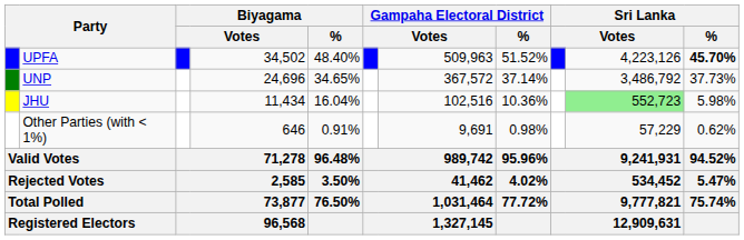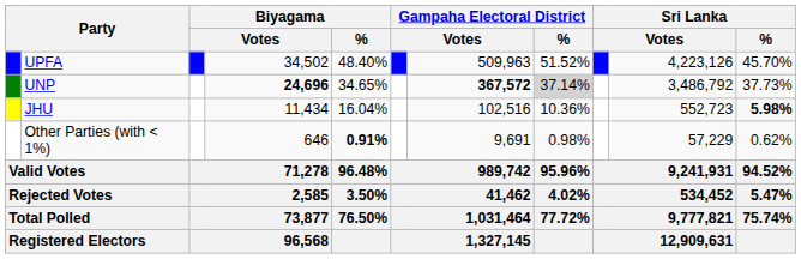 <table class="wikitable">
 <tr>
 <th colspan="2" width="144px"rowspan="2">Party</th>
 <th colspan="3" width="216px">Biyagama</th>
 <th colspan="3" width="216px"><a href='#'>Gampaha Electoral District</a></th>
 <th colspan="3" width="216px">Sri Lanka</th>
 </tr>
 <tr>
 <th colspan="2" width="144px">Votes</th>
 <th>%</th>
 <th colspan="2" width="144px">Votes</th>
 <th>%</th>
 <th colspan="2" width="144px">Votes</th>
 <th>%</th>
 </tr>
 <tr>
 <td style="background-color:blue;" width="10px"></td>
 <td style="text-align:left;"><a href='#'>UPFA</a></td>
 <td style="background-color:blue;" width="10px"></td>
 <td style="text-align:right;">34,502</td>
 <td style="text-align:right;">48.40%</td>
 <td style="background-color:blue;" width="10px"></td>
 <td style="text-align:right;">509,963</td>
 <td style="text-align:right;">51.52%</td>
 <td style="background-color:blue;" width="10px"></td>
 <td style="text-align:right;">4,223,126</td>
-<td style="text-align:right;"><strong>45.70%</strong></td>
+<td style="text-align:right;">45.70%</td>
 </tr>
 <tr>
 <td style="background-color:green;" width="10px"></td>
 <td style="text-align:left;"><a href='#'>UNP</a></td>
 <td style="background-color:white;" width="10px"></td>
-<td style="text-align:right;">24,696</td>
+<td style="text-align:right;"><strong>24,696</strong></td>
 <td style="text-align:right;">34.65%</td>
 <td style="background-color:white;" width="10px"></td>
-<td style="text-align:right;">367,572</td>
-<td style="text-align:right;">37.14%</td>
+<td style="text-align:right;"><strong>367,572</strong></td>
+<td style="background: lightgrey; text-align:right;">37.14%</td>
 <td style="background-color:white;" width="10px"></td>
 <td style="text-align:right;">3,486,792</td>
 <td style="text-align:right;">37.73%</td>
 </tr>
 <tr>
 <td style="background-color:yellow;" width="10px"></td>
 <td style="text-align:left;"><a href='#'>JHU</a></td>
 <td style="background-color:white;" width="10px"></td>
 <td style="text-align:right;">11,434</td>
 <td style="text-align:right;">16.04%</td>
 <td style="background-color:white;" width="10px"></td>
 <td style="text-align:right;">102,516</td>
 <td style="text-align:right;">10.36%</td>
 <td style="background-color:white;" width="10px"></td>
-<td style="background: lightgreen; text-align:right;">552,723</td>
-<td style="text-align:right;">5.98%</td>
+<td style="text-align:right;">552,723</td>
+<td style="text-align:right;"><strong>5.98%</strong></td>
 </tr>
 <tr>
 <td style="background-color:white;" width="10px"></td>
 <td style="text-align:left;">Other Parties (with < 1%)</td>
 <td style="background-color:white;" width="10px"></td>
 <td style="text-align:right;">646</td>
-<td style="text-align:right;">0.91%</td>
+<td style="text-align:right;"><strong>0.91%</strong></td>
 <td style="background-color:white;" width="10px"></td>
 <td style="text-align:right;">9,691</td>
 <td style="text-align:right;">0.98%</td>
 <td style="background-color:white;" width="10px"></td>
 <td style="text-align:right;">57,229</td>
 <td style="text-align:right;">0.62%</td>
 </tr>
 <tr>
 <th colspan="2" width="144px"style="text-align:left;">Valid Votes</th>
 <th style="text-align:right;"colspan="2" width="144px">71,278</th>
 <th style="text-align:right;">96.48%</th>
 <th style="text-align:right;"colspan="2" width="144px">989,742</th>
 <th style="text-align:right;">95.96%</th>
 <th style="text-align:right;"colspan="2" width="144px">9,241,931</th>
 <th style="text-align:right;">94.52%</th>
 </tr>
 <tr>
 <th colspan="2" width="144px"style="text-align:left;">Rejected Votes</th>
 <th style="text-align:right;"colspan="2" width="144px">2,585</th>
 <th style="text-align:right;">3.50%</th>
 <th style="text-align:right;"colspan="2" width="144px">41,462</th>
 <th style="text-align:right;">4.02%</th>
 <th style="text-align:right;"colspan="2" width="144px">534,452</th>
 <th style="text-align:right;">5.47%</th>
 </tr>
 <tr>
 <th colspan="2" width="144px"style="text-align:left;">Total Polled</th>
 <th style="text-align:right;"colspan="2" width="144px">73,877</th>
 <th style="text-align:right;">76.50%</th>
 <th style="text-align:right;"colspan="2" width="144px">1,031,464</th>
 <th style="text-align:right;">77.72%</th>
 <th style="text-align:right;"colspan="2" width="144px">9,777,821</th>
 <th style="text-align:right;">75.74%</th>
 </tr>
 <tr>
 <th colspan="2" width="144px"style="text-align:left;">Registered Electors</th>
 <th style="text-align:right;"colspan="2" width="144px">96,568</th>
 <th></th>
 <th style="text-align:right;"colspan="2" width="144px">1,327,145</th>
 <th></th>
 <th style="text-align:right;"colspan="2" width="144px">12,909,631</th>
 <th></th>
 </tr>
 </table>
